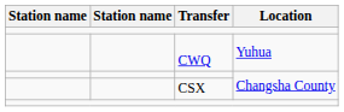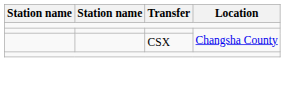 <table class="wikitable">
 <tr>
 <th>Station name<br></th>
 <th>Station name<br></th>
 <th>Transfer</th>
 <th>Location</th>
 </tr>
 <tr style="background:#">
 <td colspan=4></td>
-</tr>
-<tr>
-<td></td>
-<td></td>
-<td> <br> <a href='#'>CWQ</a></td>
-<td><a href='#'>Yuhua</a></td>
 </tr>
 <tr>
 <td></td>
 <td></td>
 <td></td>
 <td rowspan=2><a href='#'>Changsha County</a></td>
 </tr>
 <tr>
 <td></td>
 <td></td>
 <td> CSX<br></td>
 </tr>
 <tr style="background:#">
 <td colspan=4></td>
 </tr>
 </table>
